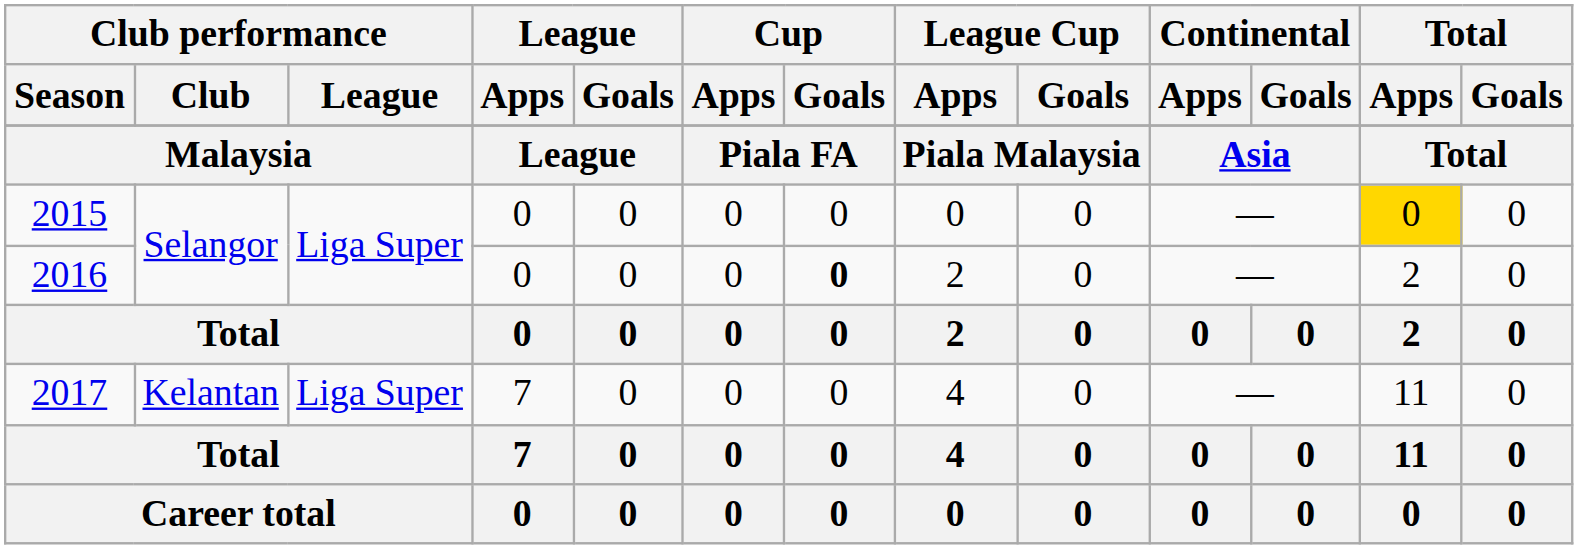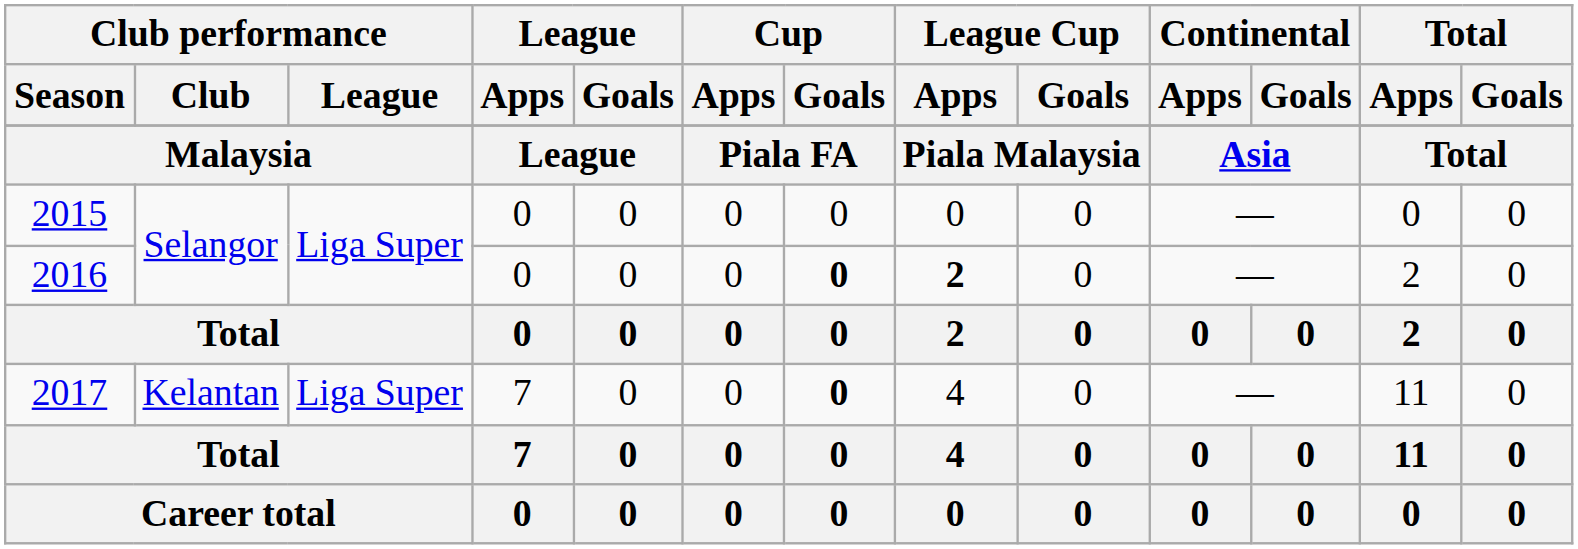 <table class="wikitable" style="text-align:center">
 <tr>
 <th colspan=3>Club performance</th>
 <th colspan=2>League</th>
 <th colspan=2>Cup</th>
 <th colspan=2>League Cup</th>
 <th colspan=2>Continental</th>
 <th colspan=2>Total</th>
 </tr>
 <tr>
 <th>Season</th>
 <th>Club</th>
 <th>League</th>
 <th>Apps</th>
 <th>Goals</th>
 <th>Apps</th>
 <th>Goals</th>
 <th>Apps</th>
 <th>Goals</th>
 <th>Apps</th>
 <th>Goals</th>
 <th>Apps</th>
 <th>Goals</th>
 </tr>
 <tr>
 </tr>
 <tr>
 <th colspan=3>Malaysia</th>
 <th colspan=2>League</th>
 <th colspan=2>Piala FA</th>
 <th colspan=2>Piala Malaysia</th>
 <th colspan=2><a href='#'>Asia</a></th>
 <th colspan=2>Total</th>
 </tr>
 <tr>
 <td><a href='#'>2015</a></td>
 <td rowspan="2"><a href='#'>Selangor</a></td>
 <td rowspan="2"><a href='#'>Liga Super</a></td>
 <td>0</td>
 <td>0</td>
 <td>0</td>
 <td>0</td>
 <td>0</td>
 <td>0</td>
 <td colspan="2">—</td>
-<td style="background: gold;">0</td>
+<td>0</td>
 <td>0</td>
 </tr>
 <tr>
 <td><a href='#'>2016</a></td>
 <td>0</td>
 <td>0</td>
 <td>0</td>
 <td><strong>0</strong></td>
-<td>2</td>
+<td><strong>2</strong></td>
 <td>0</td>
 <td colspan="2">—</td>
 <td>2</td>
 <td>0</td>
 </tr>
 <tr>
 <th colspan=3>Total</th>
 <th>0</th>
 <th>0</th>
 <th>0</th>
 <th>0</th>
 <th>2</th>
 <th>0</th>
 <th>0</th>
 <th>0</th>
 <th>2</th>
 <th>0</th>
 </tr>
 <tr>
 <td><a href='#'>2017</a></td>
 <td rowspan="1"><a href='#'>Kelantan</a></td>
 <td rowspan="1"><a href='#'>Liga Super</a></td>
 <td>7</td>
 <td>0</td>
 <td>0</td>
-<td>0</td>
+<td><strong>0</strong></td>
 <td>4</td>
 <td>0</td>
 <td colspan="2">—</td>
 <td>11</td>
 <td>0</td>
 </tr>
 <tr>
 <th colspan=3>Total</th>
 <th>7</th>
 <th>0</th>
 <th>0</th>
 <th>0</th>
 <th>4</th>
 <th>0</th>
 <th>0</th>
 <th>0</th>
 <th>11</th>
 <th>0</th>
 </tr>
 <tr>
 <th colspan=3>Career total</th>
 <th>0</th>
 <th>0</th>
 <th>0</th>
 <th>0</th>
 <th>0</th>
 <th>0</th>
 <th>0</th>
 <th>0</th>
 <th>0</th>
 <th>0</th>
 </tr>
 </table>
